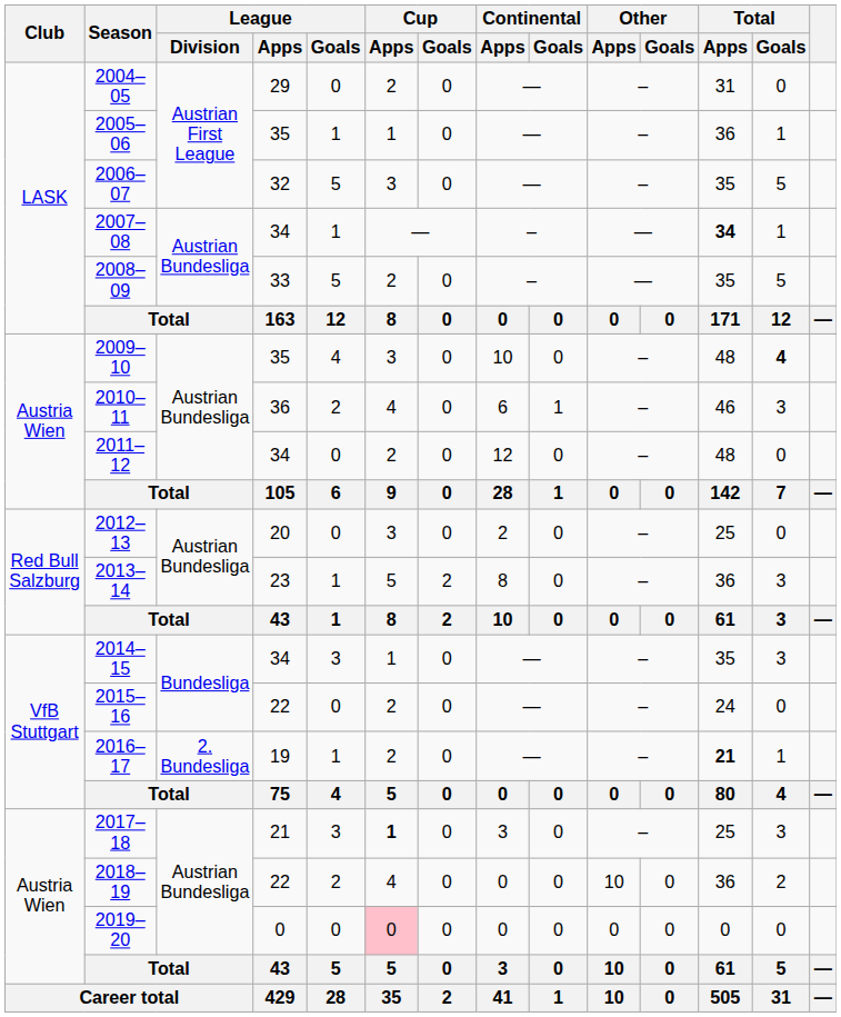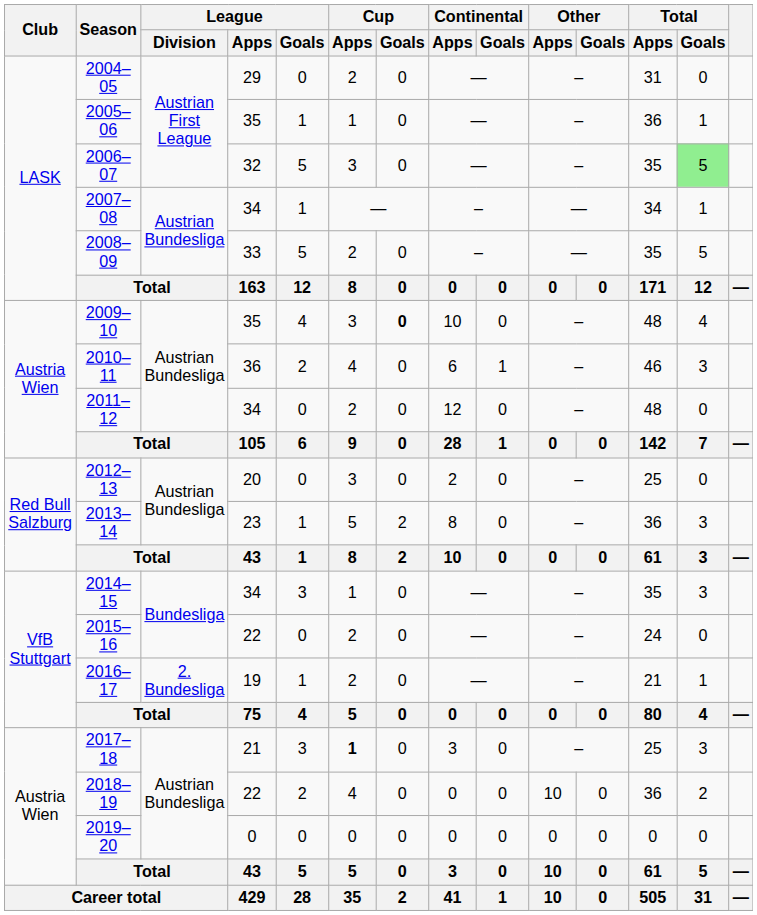 <table class="wikitable" style="text-align:center">
 <tr>
 <th rowspan="2">Club</th>
 <th rowspan="2">Season</th>
 <th colspan="3">League</th>
 <th colspan="2">Cup</th>
 <th colspan="2">Continental</th>
 <th colspan="2">Other</th>
 <th colspan="2">Total</th>
 <th rowspan="2"></th>
 </tr>
 <tr>
 <th>Division</th>
 <th>Apps</th>
 <th>Goals</th>
 <th>Apps</th>
 <th>Goals</th>
 <th>Apps</th>
 <th>Goals</th>
 <th>Apps</th>
 <th>Goals</th>
 <th>Apps</th>
 <th>Goals</th>
 </tr>
 <tr>
 <td rowspan="6"><a href='#'>LASK</a></td>
 <td><a href='#'>2004–05</a></td>
 <td rowspan="3"><a href='#'>Austrian First League</a></td>
 <td>29</td>
 <td>0</td>
 <td>2</td>
 <td>0</td>
 <td colspan="2">—</td>
 <td colspan="2">–</td>
 <td>31</td>
 <td>0</td>
 <td></td>
 </tr>
 <tr>
 <td><a href='#'>2005–06</a></td>
 <td>35</td>
 <td>1</td>
 <td>1</td>
 <td>0</td>
 <td colspan="2">—</td>
 <td colspan="2">–</td>
 <td>36</td>
 <td>1</td>
 <td></td>
 </tr>
 <tr>
 <td><a href='#'>2006–07</a></td>
 <td>32</td>
 <td>5</td>
 <td>3</td>
 <td>0</td>
 <td colspan="2">—</td>
 <td colspan="2">–</td>
 <td>35</td>
-<td>5</td>
+<td style="background: lightgreen;">5</td>
 <td></td>
 </tr>
 <tr>
 <td><a href='#'>2007–08</a></td>
 <td rowspan="2"><a href='#'>Austrian Bundesliga</a></td>
 <td>34</td>
 <td>1</td>
 <td colspan="2">—</td>
 <td colspan="2">–</td>
 <td colspan="2">—</td>
-<td><strong>34</strong></td>
+<td>34</td>
 <td>1</td>
 <td></td>
 </tr>
 <tr>
 <td><a href='#'>2008–09</a></td>
 <td>33</td>
 <td>5</td>
 <td>2</td>
 <td>0</td>
 <td colspan="2">–</td>
 <td colspan="2">—</td>
 <td>35</td>
 <td>5</td>
 <td></td>
 </tr>
 <tr>
 <th colspan="2">Total</th>
 <th>163</th>
 <th>12</th>
 <th>8</th>
 <th>0</th>
 <th>0</th>
 <th>0</th>
 <th>0</th>
 <th>0</th>
 <th>171</th>
 <th>12</th>
 <th>—</th>
 </tr>
 <tr>
 <td rowspan="4"><a href='#'>Austria Wien</a></td>
 <td><a href='#'>2009–10</a></td>
 <td rowspan="3">Austrian Bundesliga</td>
 <td>35</td>
 <td>4</td>
 <td>3</td>
-<td>0</td>
+<td><strong>0</strong></td>
 <td>10</td>
 <td>0</td>
 <td colspan="2">–</td>
 <td>48</td>
-<td><strong>4</strong></td>
+<td>4</td>
 <td></td>
 </tr>
 <tr>
 <td><a href='#'>2010–11</a></td>
 <td>36</td>
 <td>2</td>
 <td>4</td>
 <td>0</td>
 <td>6</td>
 <td>1</td>
 <td colspan="2">–</td>
 <td>46</td>
 <td>3</td>
 <td></td>
 </tr>
 <tr>
 <td><a href='#'>2011–12</a></td>
 <td>34</td>
 <td>0</td>
 <td>2</td>
 <td>0</td>
 <td>12</td>
 <td>0</td>
 <td colspan="2">–</td>
 <td>48</td>
 <td>0</td>
 <td></td>
 </tr>
 <tr>
 <th colspan="2">Total</th>
 <th>105</th>
 <th>6</th>
 <th>9</th>
 <th>0</th>
 <th>28</th>
 <th>1</th>
 <th>0</th>
 <th>0</th>
 <th>142</th>
 <th>7</th>
 <th>—</th>
 </tr>
 <tr>
 <td rowspan="3"><a href='#'>Red Bull Salzburg</a></td>
 <td><a href='#'>2012–13</a></td>
 <td rowspan="2">Austrian Bundesliga</td>
 <td>20</td>
 <td>0</td>
 <td>3</td>
 <td>0</td>
 <td>2</td>
 <td>0</td>
 <td colspan="2">–</td>
 <td>25</td>
 <td>0</td>
 <td></td>
 </tr>
 <tr>
 <td><a href='#'>2013–14</a></td>
 <td>23</td>
 <td>1</td>
 <td>5</td>
 <td>2</td>
 <td>8</td>
 <td>0</td>
 <td colspan="2">–</td>
 <td>36</td>
 <td>3</td>
 <td></td>
 </tr>
 <tr>
 <th colspan="2">Total</th>
 <th>43</th>
 <th>1</th>
 <th>8</th>
 <th>2</th>
 <th>10</th>
 <th>0</th>
 <th>0</th>
 <th>0</th>
 <th>61</th>
 <th>3</th>
 <th>—</th>
 </tr>
 <tr>
 <td rowspan="4"><a href='#'>VfB Stuttgart</a></td>
 <td><a href='#'>2014–15</a></td>
 <td rowspan="2"><a href='#'>Bundesliga</a></td>
 <td>34</td>
 <td>3</td>
 <td>1</td>
 <td>0</td>
 <td colspan="2">—</td>
 <td colspan="2">–</td>
 <td>35</td>
 <td>3</td>
 <td></td>
 </tr>
 <tr>
 <td><a href='#'>2015–16</a></td>
 <td>22</td>
 <td>0</td>
 <td>2</td>
 <td>0</td>
 <td colspan="2">—</td>
 <td colspan="2">–</td>
 <td>24</td>
 <td>0</td>
 <td></td>
 </tr>
 <tr>
 <td><a href='#'>2016–17</a></td>
 <td><a href='#'>2. Bundesliga</a></td>
 <td>19</td>
 <td>1</td>
 <td>2</td>
 <td>0</td>
 <td colspan="2">—</td>
 <td colspan="2">–</td>
-<td><strong>21</strong></td>
+<td>21</td>
 <td>1</td>
 <td></td>
 </tr>
 <tr>
 <th colspan="2">Total</th>
 <th>75</th>
 <th>4</th>
 <th>5</th>
 <th>0</th>
 <th>0</th>
 <th>0</th>
 <th>0</th>
 <th>0</th>
 <th>80</th>
 <th>4</th>
 <th>—</th>
 </tr>
 <tr>
 <td rowspan="4">Austria Wien</td>
 <td><a href='#'>2017–18</a></td>
 <td rowspan="3">Austrian Bundesliga</td>
 <td>21</td>
 <td>3</td>
 <td><strong>1</strong></td>
 <td>0</td>
 <td>3</td>
 <td>0</td>
 <td colspan="2">–</td>
 <td>25</td>
 <td>3</td>
 <td></td>
 </tr>
 <tr>
 <td><a href='#'>2018–19</a></td>
 <td>22</td>
 <td>2</td>
 <td>4</td>
 <td>0</td>
 <td>0</td>
 <td>0</td>
 <td>10</td>
 <td>0</td>
 <td>36</td>
 <td>2</td>
 <td></td>
 </tr>
 <tr>
 <td><a href='#'>2019–20</a></td>
 <td>0</td>
 <td>0</td>
-<td style="background: pink;">0</td>
+<td>0</td>
 <td>0</td>
 <td>0</td>
 <td>0</td>
 <td>0</td>
 <td>0</td>
 <td>0</td>
 <td>0</td>
 <td></td>
 </tr>
 <tr>
 <th colspan="2">Total</th>
 <th>43</th>
 <th>5</th>
 <th>5</th>
 <th>0</th>
 <th>3</th>
 <th>0</th>
 <th>10</th>
 <th>0</th>
 <th>61</th>
 <th>5</th>
 <th>—</th>
 </tr>
 <tr>
 <th colspan="3">Career total</th>
 <th>429</th>
 <th>28</th>
 <th>35</th>
 <th>2</th>
 <th>41</th>
 <th>1</th>
 <th>10</th>
 <th>0</th>
 <th>505</th>
 <th>31</th>
 <th>—</th>
 </tr>
 </table>
